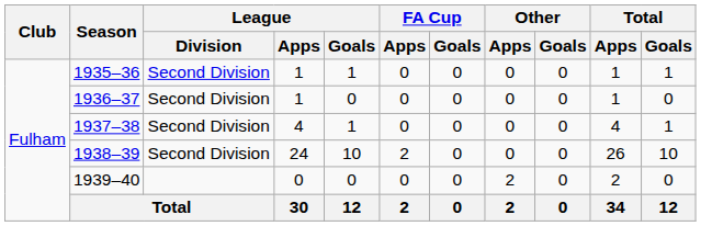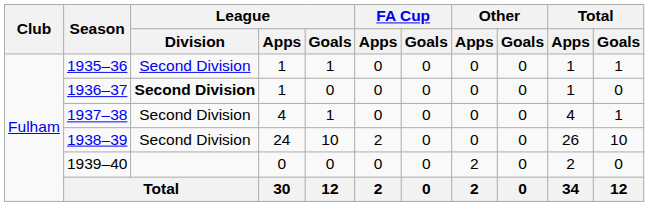 <table class="wikitable" style="text-align:center">
 <tr>
 <th rowspan="2">Club</th>
 <th rowspan="2">Season</th>
 <th colspan="3">League</th>
 <th colspan="2"><a href='#'>FA Cup</a></th>
 <th colspan="2">Other</th>
 <th colspan="2">Total</th>
 </tr>
 <tr>
 <th>Division</th>
 <th>Apps</th>
 <th>Goals</th>
 <th>Apps</th>
 <th>Goals</th>
 <th>Apps</th>
 <th>Goals</th>
 <th>Apps</th>
 <th>Goals</th>
 </tr>
 <tr>
 <td rowspan="6"><a href='#'>Fulham</a></td>
 <td><a href='#'>1935–36</a></td>
 <td><a href='#'>Second Division</a></td>
 <td>1</td>
 <td>1</td>
 <td>0</td>
 <td>0</td>
 <td>0</td>
 <td>0</td>
 <td>1</td>
 <td>1</td>
 </tr>
 <tr>
 <td><a href='#'>1936–37</a></td>
-<td>Second Division</td>
+<td><strong>Second Division</strong></td>
 <td>1</td>
 <td>0</td>
 <td>0</td>
 <td>0</td>
 <td>0</td>
 <td>0</td>
 <td>1</td>
 <td>0</td>
 </tr>
 <tr>
 <td><a href='#'>1937–38</a></td>
 <td>Second Division</td>
 <td>4</td>
 <td>1</td>
 <td>0</td>
 <td>0</td>
 <td>0</td>
 <td>0</td>
 <td>4</td>
 <td>1</td>
 </tr>
 <tr>
 <td><a href='#'>1938–39</a></td>
 <td>Second Division</td>
 <td>24</td>
 <td>10</td>
 <td>2</td>
 <td>0</td>
 <td>0</td>
 <td>0</td>
 <td>26</td>
 <td>10</td>
 </tr>
 <tr>
 <td>1939–40</td>
 <td></td>
 <td>0</td>
 <td>0</td>
 <td>0</td>
 <td>0</td>
 <td>2</td>
 <td>0</td>
 <td>2</td>
 <td>0</td>
 </tr>
 <tr>
 <th colspan="2">Total</th>
 <th>30</th>
 <th>12</th>
 <th>2</th>
 <th>0</th>
 <th>2</th>
 <th>0</th>
 <th>34</th>
 <th>12</th>
 </tr>
 </table>
